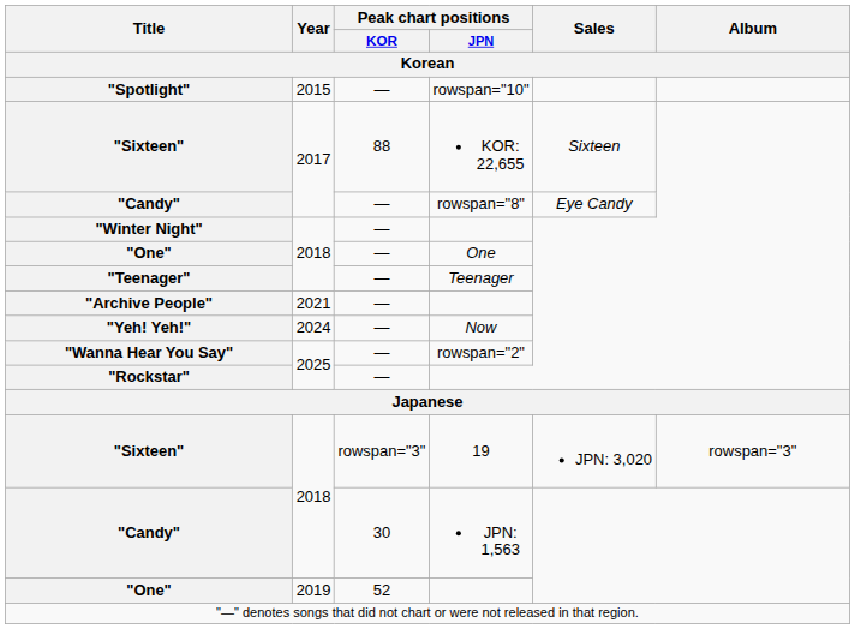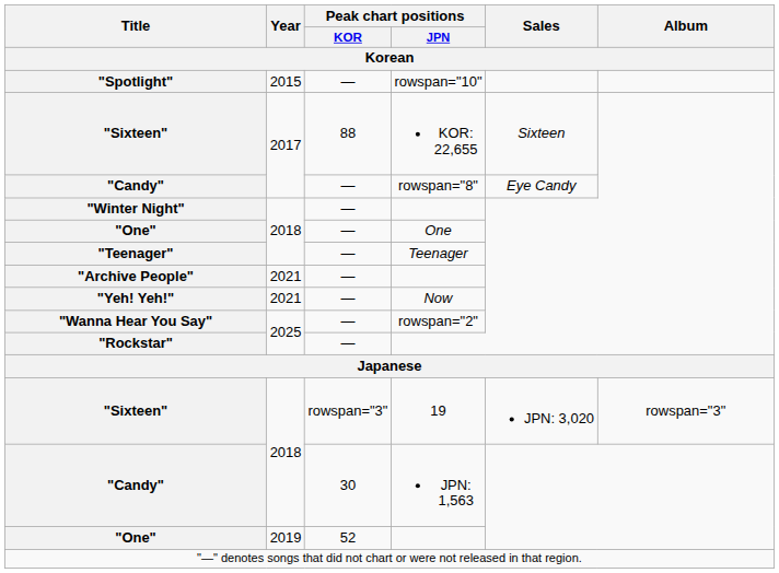 <table class="wikitable plainrowheaders" style="text-align:center">
 <tr>
 <th scope="col" rowspan="2" style="width:18em">Title</th>
 <th scope="col" rowspan="2">Year</th>
 <th scope="col" colspan="2">Peak chart positions</th>
 <th scope="col" rowspan="2">Sales</th>
 <th scope="col" rowspan="2" style="width:12em">Album</th>
 </tr>
 <tr>
 <th scope="col" style="width:3em;font-size:90%"><a href='#'>KOR</a><br></th>
 <th style="width:3em;font-size:85%"><a href='#'>JPN</a><br></th>
 </tr>
 <tr>
 <th scope="col" colspan="6">Korean</th>
 </tr>
 <tr>
 <th scope="row">"Spotlight" </th>
 <td>2015</td>
 <td>—</td>
 <td>rowspan="10" </td>
 <td></td>
 <td></td>
 </tr>
 <tr>
 <th scope="row">"Sixteen" </th>
 <td rowspan="2">2017</td>
 <td>88</td>
 <td><br><ul><li>KOR: 22,655</li></ul></td>
 <td><em>Sixteen</em></td>
 </tr>
 <tr>
 <th scope="row">"Candy" </th>
 <td>—</td>
 <td>rowspan="8" </td>
 <td><em>Eye Candy</em></td>
 </tr>
 <tr>
 <th scope="row">"Winter Night" </th>
 <td rowspan="3">2018</td>
 <td>—</td>
 <td></td>
 </tr>
 <tr>
 <th scope="row">"One" </th>
 <td>—</td>
 <td><em>One</em></td>
 </tr>
 <tr>
 <th scope="row">"Teenager" </th>
 <td>—</td>
 <td><em>Teenager</em></td>
 </tr>
 <tr>
 <th scope="row">"Archive People" </th>
 <td>2021</td>
 <td>—</td>
 <td></td>
 </tr>
 <tr>
 <th scope="row">"Yeh! Yeh!"</th>
-<td>2024</td>
+<td>2021</td>
 <td>—</td>
 <td><em>Now</em></td>
 </tr>
 <tr>
 <th scope="row">"Wanna Hear You Say" </th>
 <td rowspan="2">2025</td>
 <td>—</td>
 <td>rowspan="2" </td>
 </tr>
 <tr>
 <th scope="row">"Rockstar"</th>
 <td>—</td>
 </tr>
 <tr>
 <th scope="col" colspan="6">Japanese</th>
 </tr>
 <tr>
 <th scope="row">"Sixteen"</th>
 <td rowspan="2">2018</td>
 <td>rowspan="3" </td>
 <td>19</td>
 <td><br><ul><li>JPN: 3,020</li></ul></td>
 <td>rowspan="3" </td>
 </tr>
 <tr>
 <th scope="row">"Candy"</th>
 <td>30</td>
 <td><br><ul><li>JPN: 1,563</li></ul></td>
 </tr>
 <tr>
 <th scope="row">"One"</th>
 <td>2019</td>
 <td>52</td>
 <td></td>
 </tr>
 <tr>
 <td colspan="6" style="font-size:85%">"—" denotes songs that did not chart or were not released in that region.</td>
 </tr>
 </table>
